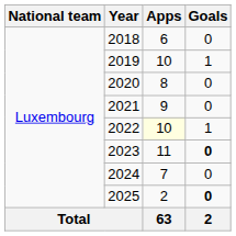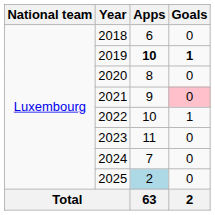 <table class="wikitable" style="text-align:center">
 <tr>
 <th>National team</th>
 <th>Year</th>
 <th>Apps</th>
 <th>Goals</th>
 </tr>
 <tr>
 <td rowspan="8"><a href='#'>Luxembourg</a></td>
 <td>2018</td>
 <td>6</td>
 <td>0</td>
 </tr>
 <tr>
 <td>2019</td>
-<td>10</td>
-<td>1</td>
+<td><strong>10</strong></td>
+<td><strong>1</strong></td>
 </tr>
 <tr>
 <td>2020</td>
 <td>8</td>
 <td>0</td>
 </tr>
 <tr>
 <td>2021</td>
 <td>9</td>
-<td>0</td>
+<td style="background: pink;">0</td>
 </tr>
 <tr>
 <td>2022</td>
-<td style="background: lightyellow;">10</td>
+<td>10</td>
 <td>1</td>
 </tr>
 <tr>
 <td>2023</td>
 <td>11</td>
-<td><strong>0</strong></td>
+<td>0</td>
 </tr>
 <tr>
 <td>2024</td>
 <td>7</td>
 <td>0</td>
 </tr>
 <tr>
 <td>2025</td>
-<td>2</td>
-<td><strong>0</strong></td>
+<td style="background: lightblue;">2</td>
+<td>0</td>
 </tr>
 <tr>
 <th colspan="2">Total</th>
 <th>63</th>
 <th>2</th>
 </tr>
 </table>
